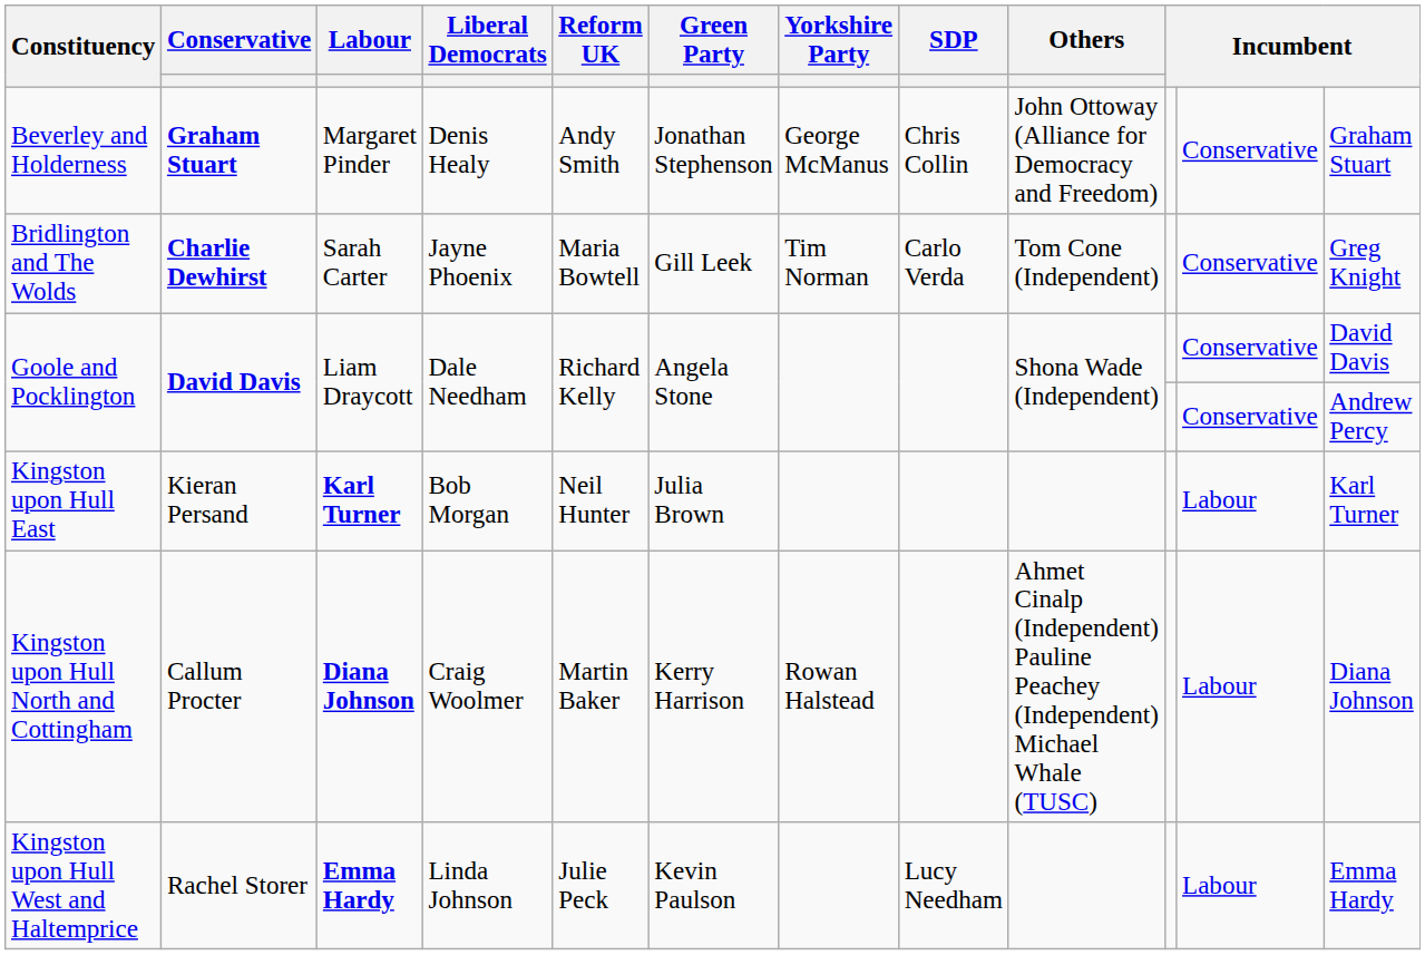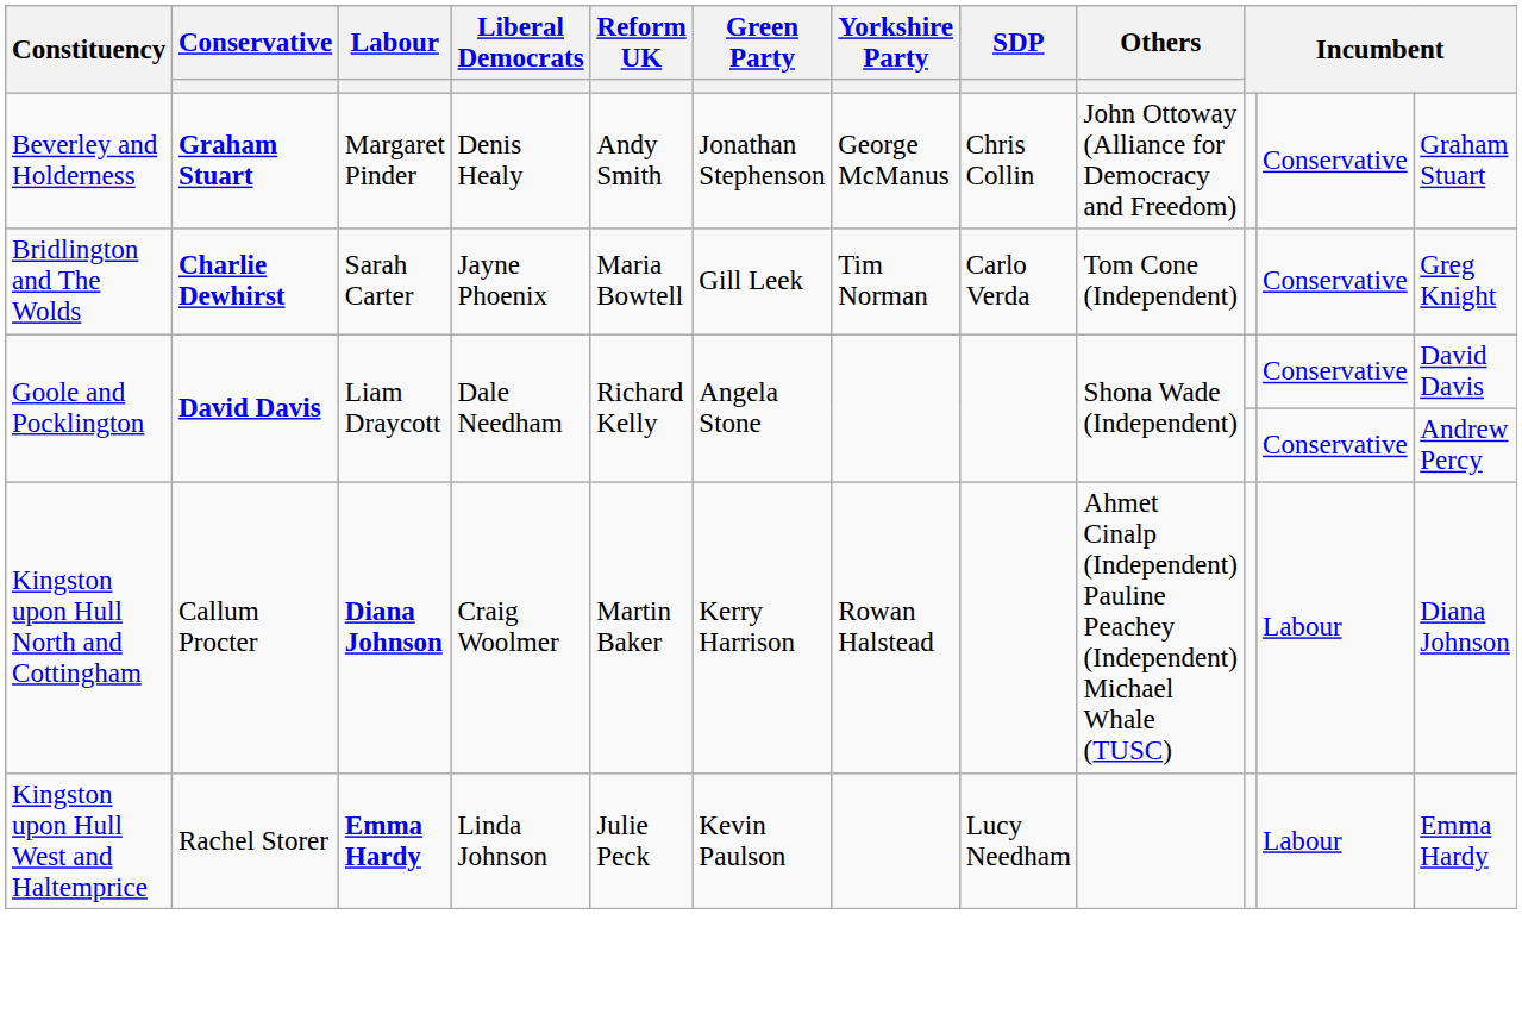 <table class="wikitable sortable sticky-header">
 <tr>
 <th rowspan="2">Constituency</th>
 <th><a href='#'>Conservative</a></th>
 <th><a href='#'>Labour</a></th>
 <th><a href='#'>Liberal Democrats</a></th>
 <th><a href='#'>Reform UK</a></th>
 <th><a href='#'>Green Party</a></th>
 <th><a href='#'>Yorkshire Party</a></th>
 <th><a href='#'>SDP</a></th>
 <th>Others</th>
 <th colspan="3" rowspan="2">Incumbent</th>
 </tr>
 <tr>
 <th class="unsortable" style="background-color: "></th>
 <th class="unsortable" style="background-color: "></th>
 <th class="unsortable" style="background-color: "></th>
 <th class="unsortable" style="background-color: "></th>
 <th class="unsortable" style="background-color: "></th>
 <th class="unsortable" style="background-color: "></th>
 <th class="unsortable" style="background-color: "></th>
 <th ! class="unsortable"></th>
 </tr>
 <tr>
 <td><a href='#'>Beverley and Holderness</a></td>
 <td><strong><a href='#'>Graham Stuart</a></strong></td>
 <td>Margaret Pinder</td>
 <td>Denis Healy</td>
 <td>Andy Smith</td>
 <td>Jonathan Stephenson</td>
 <td>George McManus</td>
 <td>Chris Collin</td>
 <td>John Ottoway (Alliance for Democracy and Freedom)</td>
 <td></td>
 <td><a href='#'>Conservative</a></td>
 <td><a href='#'>Graham Stuart</a></td>
 </tr>
 <tr>
 <td><a href='#'>Bridlington and The Wolds</a></td>
 <td><strong><a href='#'>Charlie Dewhirst</a></strong></td>
 <td>Sarah Carter</td>
 <td>Jayne Phoenix</td>
 <td>Maria Bowtell</td>
 <td>Gill Leek</td>
 <td>Tim Norman</td>
 <td>Carlo Verda</td>
 <td>Tom Cone (Independent)</td>
 <td></td>
 <td><a href='#'>Conservative</a></td>
 <td><a href='#'>Greg Knight</a></td>
 </tr>
 <tr>
 <td rowspan="2"><a href='#'>Goole and Pocklington</a></td>
 <td rowspan="2"><strong><a href='#'>David Davis</a></strong></td>
 <td rowspan="2">Liam Draycott</td>
 <td rowspan="2">Dale Needham</td>
 <td rowspan="2">Richard Kelly</td>
 <td rowspan="2">Angela Stone</td>
 <td rowspan="2"></td>
 <td rowspan="2"></td>
 <td rowspan="2">Shona Wade (Independent)</td>
 <td></td>
 <td><a href='#'>Conservative</a></td>
 <td><a href='#'>David Davis</a></td>
 </tr>
 <tr>
 <td></td>
 <td><a href='#'>Conservative</a></td>
 <td><a href='#'>Andrew Percy</a></td>
 </tr>
 <tr>
-<td><a href='#'>Kingston upon Hull East</a></td>
-<td>Kieran Persand</td>
-<td><strong><a href='#'>Karl Turner</a></strong></td>
-<td>Bob Morgan</td>
-<td>Neil Hunter</td>
-<td>Julia Brown</td>
-<td></td>
-<td></td>
-<td></td>
-<td></td>
-<td><a href='#'>Labour</a></td>
-<td><a href='#'>Karl Turner</a></td>
-</tr>
-<tr>
 <td><a href='#'>Kingston upon Hull North and Cottingham</a></td>
 <td>Callum Procter</td>
 <td><strong><a href='#'>Diana Johnson</a></strong></td>
 <td>Craig Woolmer</td>
 <td>Martin Baker</td>
 <td>Kerry Harrison</td>
 <td>Rowan Halstead</td>
 <td></td>
 <td>Ahmet Cinalp (Independent)<br>Pauline Peachey (Independent)<br>Michael Whale (<a href='#'>TUSC</a>)</td>
 <td></td>
 <td><a href='#'>Labour</a></td>
 <td><a href='#'>Diana Johnson</a></td>
 </tr>
 <tr>
 <td><a href='#'>Kingston upon Hull West and Haltemprice</a></td>
 <td>Rachel Storer</td>
 <td><strong><a href='#'>Emma Hardy</a></strong></td>
 <td>Linda Johnson</td>
 <td>Julie Peck</td>
 <td>Kevin Paulson</td>
 <td></td>
 <td>Lucy Needham</td>
 <td></td>
 <td></td>
 <td><a href='#'>Labour</a></td>
 <td><a href='#'>Emma Hardy</a></td>
 </tr>
 </table>
